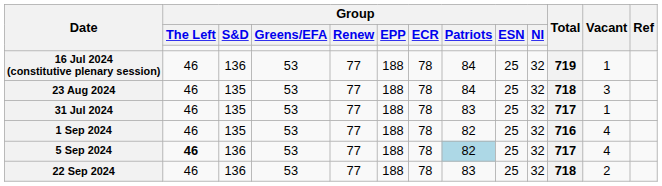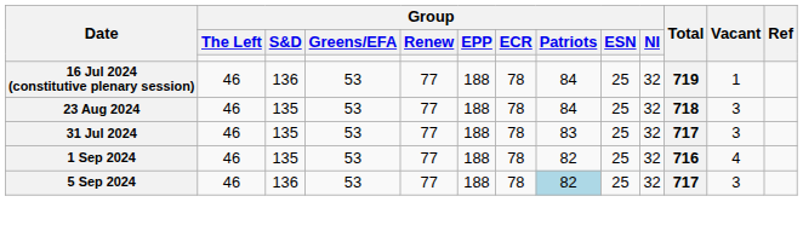 <table class="wikitable" style="text-align:center">
 <tr>
 <th scope="col" rowspan="3">Date</th>
 <th scope="col" colspan="9">Group</th>
 <th scope="col" rowspan="3">Total</th>
 <th scope="col" rowspan="3">Vacant</th>
 <th scope="col" rowspan="3">Ref</th>
 </tr>
 <tr>
 <th scope="col"><a href='#'>The Left</a></th>
 <th scope="col"><a href='#'>S&D</a></th>
 <th scope="col"><a href='#'>Greens/EFA</a></th>
 <th scope="col"><a href='#'>Renew</a></th>
 <th scope="col"><a href='#'>EPP</a></th>
 <th scope="col"><a href='#'>ECR</a></th>
 <th scope="col"><a href='#'>Patriots</a></th>
 <th scope="col"><a href='#'>ESN</a></th>
 <th scope="col"><a href='#'>NI</a></th>
 </tr>
 <tr style="height:5px">
 <td style="background-color:"></td>
 <td style="background-color:"></td>
 <td style="background-color:"></td>
 <td style="background-color:"></td>
 <td style="background-color:"></td>
 <td style="background-color:"></td>
 <td style="background-color:"></td>
 <td style="background-color:"></td>
 <td style="background-color:"></td>
 </tr>
 <tr>
 <th scope="row" style="font-size:85%">16 Jul 2024<br>(constitutive plenary session)</th>
 <td>46</td>
 <td>136</td>
 <td>53</td>
 <td>77</td>
 <td>188</td>
 <td>78</td>
 <td>84</td>
 <td>25</td>
 <td>32</td>
 <th>719</th>
 <td>1</td>
 <td></td>
 </tr>
 <tr>
 <th scope="row" style="font-size:85%">23 Aug 2024</th>
 <td>46</td>
 <td>135</td>
 <td>53</td>
 <td>77</td>
 <td>188</td>
 <td>78</td>
 <td>84</td>
 <td>25</td>
 <td>32</td>
 <th>718</th>
 <td>3</td>
 <td></td>
 </tr>
 <tr>
 <th scope="row" style="font-size:85%">31 Jul 2024</th>
 <td>46</td>
 <td>135</td>
 <td>53</td>
 <td>77</td>
 <td>188</td>
 <td>78</td>
 <td>83</td>
 <td>25</td>
 <td>32</td>
 <th>717</th>
-<td>1</td>
+<td>3</td>
 <td></td>
 </tr>
 <tr>
 <th scope="row" style="font-size:85%">1 Sep 2024</th>
 <td>46</td>
 <td>135</td>
 <td>53</td>
 <td>77</td>
 <td>188</td>
 <td>78</td>
 <td>82</td>
 <td>25</td>
 <td>32</td>
 <th>716</th>
 <td>4</td>
 <td></td>
 </tr>
 <tr>
 <th scope="row" style="font-size:85%">5 Sep 2024</th>
-<td><strong>46</strong></td>
+<td>46</td>
 <td>136</td>
 <td>53</td>
 <td>77</td>
 <td>188</td>
 <td>78</td>
 <td style="background: lightblue;">82</td>
 <td>25</td>
 <td>32</td>
 <th>717</th>
-<td>4</td>
-<td></td>
-</tr>
-<tr>
-<th scope="row" style="font-size:85%">22 Sep 2024</th>
-<td>46</td>
-<td>136</td>
-<td>53</td>
-<td>77</td>
-<td>188</td>
-<td>78</td>
-<td>83</td>
-<td>25</td>
-<td>32</td>
-<th>718</th>
-<td>2</td>
+<td>3</td>
 <td></td>
 </tr>
 </table>
